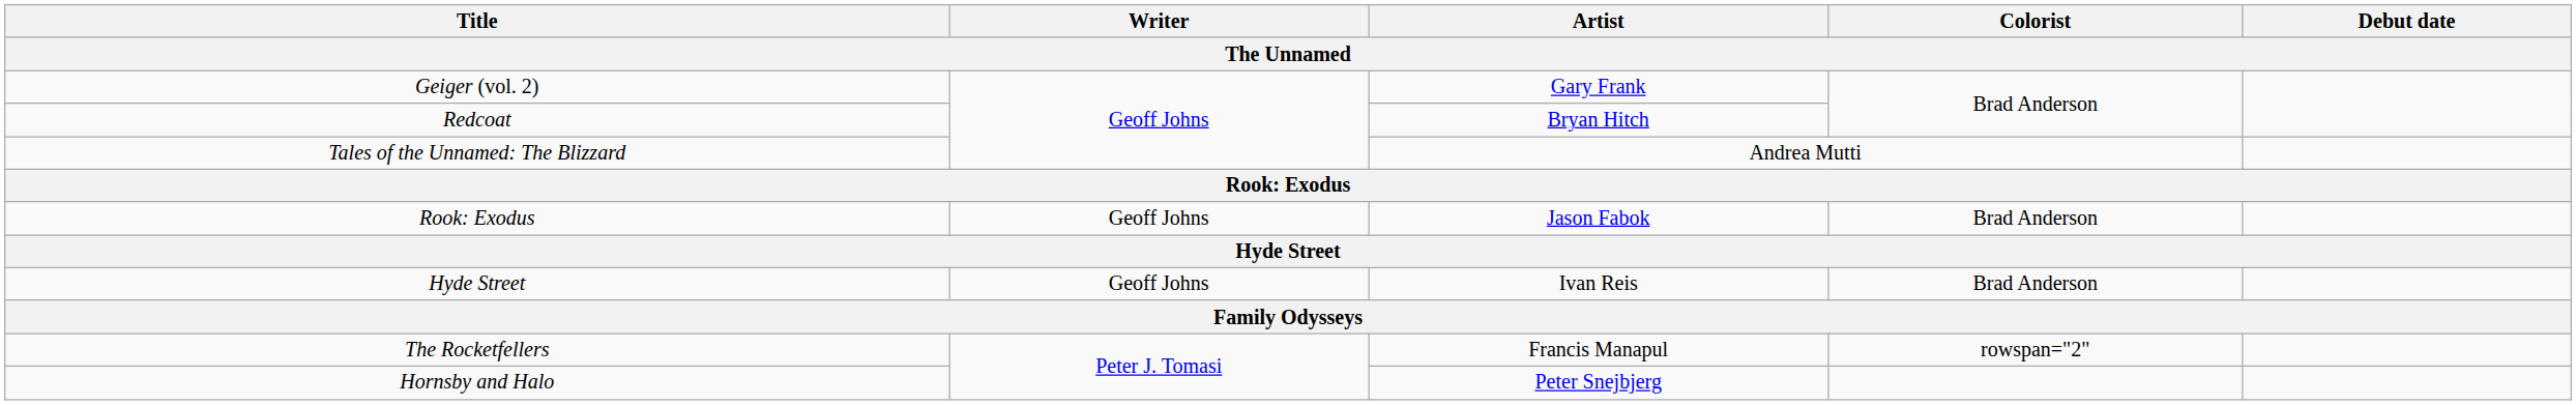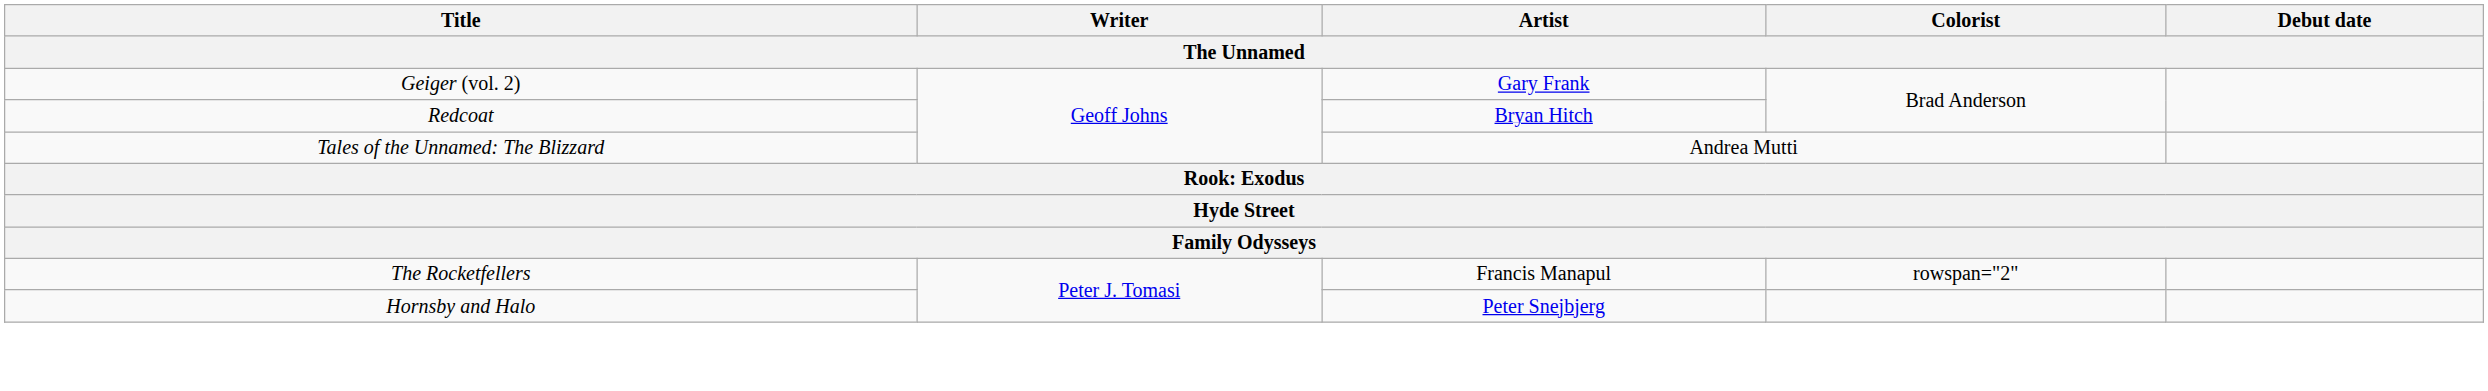 <table class="wikitable" width="100%" style="text-align: center;">
 <tr>
 <th scope="col">Title<br></th>
 <th scope="col">Writer</th>
 <th scope="col">Artist</th>
 <th scope="col">Colorist</th>
 <th scope="col">Debut date<br></th>
 </tr>
 <tr>
 <th colspan="5">The Unnamed</th>
 </tr>
 <tr>
 <td><em>Geiger</em> (vol. 2)<br></td>
 <td rowspan="3"><a href='#'>Geoff Johns</a></td>
 <td><a href='#'>Gary Frank</a></td>
 <td rowspan="2">Brad Anderson</td>
 <td rowspan="2"></td>
 </tr>
 <tr>
 <td><em>Redcoat</em></td>
 <td><a href='#'>Bryan Hitch</a></td>
 </tr>
 <tr>
 <td><em>Tales of the Unnamed: The Blizzard</em></td>
 <td colspan="2">Andrea Mutti</td>
 <td></td>
 </tr>
 <tr>
 <th colspan="5">Rook: Exodus</th>
 </tr>
 <tr>
-<td><em>Rook: Exodus</em></td>
-<td>Geoff Johns</td>
-<td><a href='#'>Jason Fabok</a></td>
-<td>Brad Anderson</td>
-<td></td>
-</tr>
-<tr>
 <th colspan="5">Hyde Street</th>
-</tr>
-<tr>
-<td><em>Hyde Street</em></td>
-<td>Geoff Johns</td>
-<td>Ivan Reis</td>
-<td>Brad Anderson</td>
-<td></td>
 </tr>
 <tr>
 <th colspan="5">Family Odysseys</th>
 </tr>
 <tr>
 <td><em>The Rocketfellers</em></td>
 <td rowspan="2"><a href='#'>Peter J. Tomasi</a></td>
 <td>Francis Manapul</td>
 <td>rowspan="2" </td>
 <td></td>
 </tr>
 <tr>
 <td><em>Hornsby and Halo</em></td>
 <td><a href='#'>Peter Snejbjerg</a></td>
 <td></td>
 </tr>
 </table>
